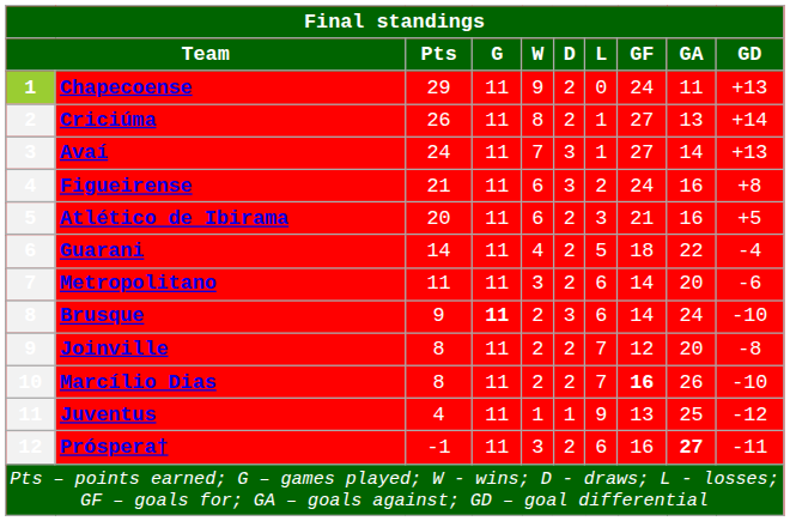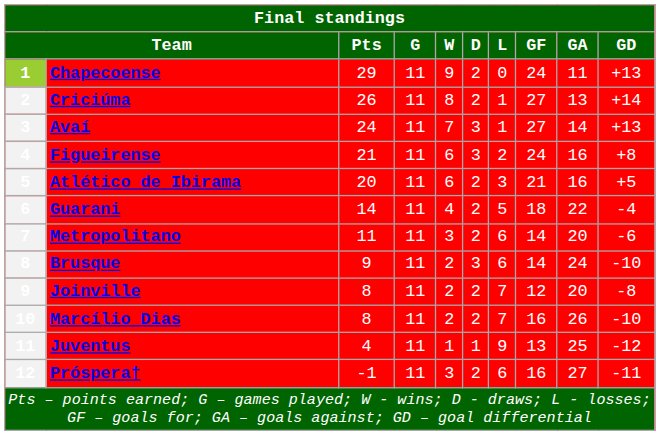 <table class="wikitable" style="text-align:center; color:white; background:#ff0000">
 <tr>
 <th style="background:#006400" colspan="10">Final standings</th>
 </tr>
 <tr>
 <th style="background:#006400" colspan="2">Team</th>
 <th style="background:#006400">Pts</th>
 <th style="background:#006400">G</th>
 <th style="background:#006400">W</th>
 <th style="background:#006400">D</th>
 <th style="background:#006400">L</th>
 <th style="background:#006400">GF</th>
 <th style="background:#006400">GA</th>
 <th style="background:#006400">GD</th>
 </tr>
 <tr>
 <th style="background:#9acd32">1</th>
 <td align="left"><strong><a href='#'><span>Chapecoense</span></a></strong></td>
 <td>29</td>
 <td>11</td>
 <td>9</td>
 <td>2</td>
 <td>0</td>
 <td>24</td>
 <td>11</td>
 <td>+13</td>
 </tr>
 <tr>
 <th>2</th>
 <td align="left"><strong><a href='#'><span>Criciúma</span></a></strong></td>
 <td>26</td>
 <td>11</td>
 <td>8</td>
 <td>2</td>
 <td>1</td>
 <td>27</td>
 <td>13</td>
 <td>+14</td>
 </tr>
 <tr>
 <th>3</th>
 <td align="left"><strong><a href='#'><span>Avaí</span></a></strong></td>
 <td>24</td>
 <td>11</td>
 <td>7</td>
 <td>3</td>
 <td>1</td>
 <td>27</td>
 <td>14</td>
 <td>+13</td>
 </tr>
 <tr>
 <th>4</th>
 <td align="left"><strong><a href='#'><span>Figueirense</span></a></strong></td>
 <td>21</td>
 <td>11</td>
 <td>6</td>
 <td>3</td>
 <td>2</td>
 <td>24</td>
 <td>16</td>
 <td>+8</td>
 </tr>
 <tr>
 <th>5</th>
 <td align="left"><strong><a href='#'><span>Atlético de Ibirama</span></a></strong></td>
 <td>20</td>
 <td>11</td>
 <td>6</td>
 <td>2</td>
 <td>3</td>
 <td>21</td>
 <td>16</td>
 <td>+5</td>
 </tr>
 <tr>
 <th>6</th>
 <td align="left"><strong><a href='#'><span>Guarani</span></a></strong></td>
 <td>14</td>
 <td>11</td>
 <td>4</td>
 <td>2</td>
 <td>5</td>
 <td>18</td>
 <td>22</td>
 <td>-4</td>
 </tr>
 <tr>
 <th>7</th>
 <td align="left"><strong><a href='#'><span>Metropolitano</span></a></strong></td>
 <td>11</td>
 <td>11</td>
 <td>3</td>
 <td>2</td>
 <td>6</td>
 <td>14</td>
 <td>20</td>
 <td>-6</td>
 </tr>
 <tr>
 <th>8</th>
 <td align="left"><strong><a href='#'><span>Brusque</span></a></strong></td>
 <td>9</td>
-<td><strong>11</strong></td>
+<td>11</td>
 <td>2</td>
 <td>3</td>
 <td>6</td>
 <td>14</td>
 <td>24</td>
 <td>-10</td>
 </tr>
 <tr>
 <th>9</th>
 <td align="left"><strong><a href='#'><span>Joinville</span></a></strong></td>
 <td>8</td>
 <td>11</td>
 <td>2</td>
 <td>2</td>
 <td>7</td>
 <td>12</td>
 <td>20</td>
 <td>-8</td>
 </tr>
 <tr>
 <th>10</th>
 <td align="left"><strong><a href='#'><span>Marcílio Dias</span></a></strong></td>
 <td>8</td>
 <td>11</td>
 <td>2</td>
 <td>2</td>
 <td>7</td>
-<td><strong>16</strong></td>
+<td>16</td>
 <td>26</td>
 <td>-10</td>
 </tr>
 <tr>
 <th>11</th>
 <td align="left"><strong><a href='#'><span>Juventus</span></a></strong></td>
 <td>4</td>
 <td>11</td>
 <td>1</td>
 <td>1</td>
 <td>9</td>
 <td>13</td>
 <td>25</td>
 <td>-12</td>
 </tr>
 <tr>
 <th>12</th>
 <td align="left"><strong><a href='#'><span>Próspera†</span></a></strong></td>
 <td>-1</td>
 <td>11</td>
 <td>3</td>
 <td>2</td>
 <td>6</td>
 <td>16</td>
-<td><strong>27</strong></td>
+<td>27</td>
 <td>-11</td>
 </tr>
 <tr>
 <td colspan="10" style="background:#006400; font-size:90%; font-style:italic">Pts – points earned; G – games played; W - wins; D - draws; L - losses;<br>GF – goals for; GA – goals against; GD – goal differential</td>
 </tr>
 </table>
